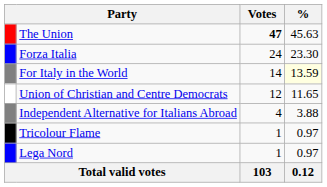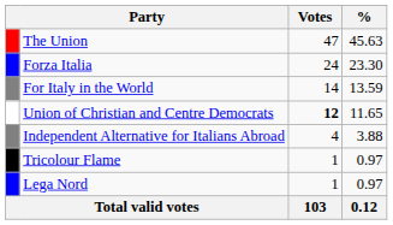 <table class="wikitable">
 <tr>
 <th colspan="2" style="width: 130px">Party</th>
 <th style="width: 50px">Votes</th>
 <th style="width: 40px">%</th>
 </tr>
 <tr>
 <td style="background-color:red">  </td>
 <td style="text-align: left"><a href='#'>The Union</a></td>
-<td style="text-align: right"><strong>47</strong></td>
+<td style="text-align: right">47</td>
 <td style="text-align: right">45.63</td>
 </tr>
 <tr>
 <td style="background-color:blue">  </td>
 <td style="text-align: left"><a href='#'>Forza Italia</a></td>
 <td style="text-align: right">24</td>
 <td style="text-align: right">23.30</td>
 </tr>
 <tr>
 <td style="background-color:grey">  </td>
 <td style="text-align: left"><a href='#'>For Italy in the World</a></td>
 <td align="right">14</td>
-<td align="right" style="background: lightyellow;">13.59</td>
+<td align="right">13.59</td>
 </tr>
 <tr>
 <td style="background-color:white">  </td>
 <td style="text-align: left"><a href='#'>Union of Christian and Centre Democrats</a></td>
-<td align="right">12</td>
+<td align="right"><strong>12</strong></td>
 <td align="right">11.65</td>
 </tr>
 <tr>
 <td style="background-color:grey">  </td>
 <td style="text-align: left"><a href='#'>Independent Alternative for Italians Abroad</a></td>
 <td align="right">4</td>
 <td align="right">3.88</td>
 </tr>
 <tr>
 <td style="background-color:black">  </td>
 <td style="text-align: left"><a href='#'>Tricolour Flame</a></td>
 <td align="right">1</td>
 <td align="right">0.97</td>
 </tr>
 <tr>
 <td style="background-color:blue">  </td>
 <td style="text-align: left"><a href='#'>Lega Nord</a></td>
 <td align="right">1</td>
 <td align="right">0.97</td>
 </tr>
 <tr bgcolor="white">
 <th align="right" colspan=2>Total valid votes</th>
 <th align="right">103</th>
 <th align="right">0.12</th>
 </tr>
 </table>
